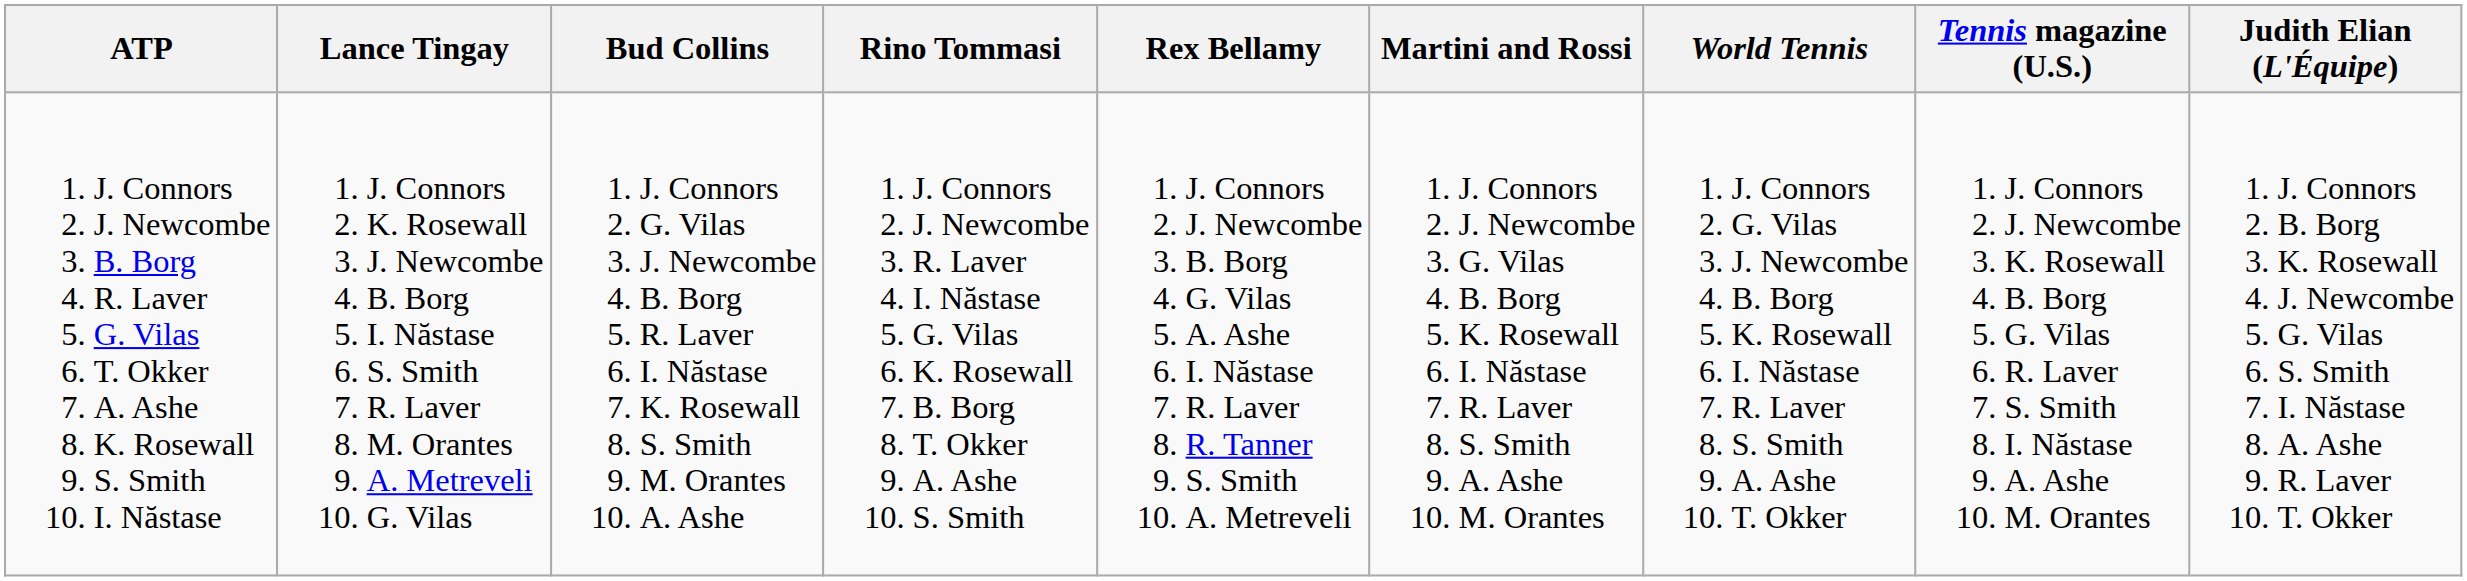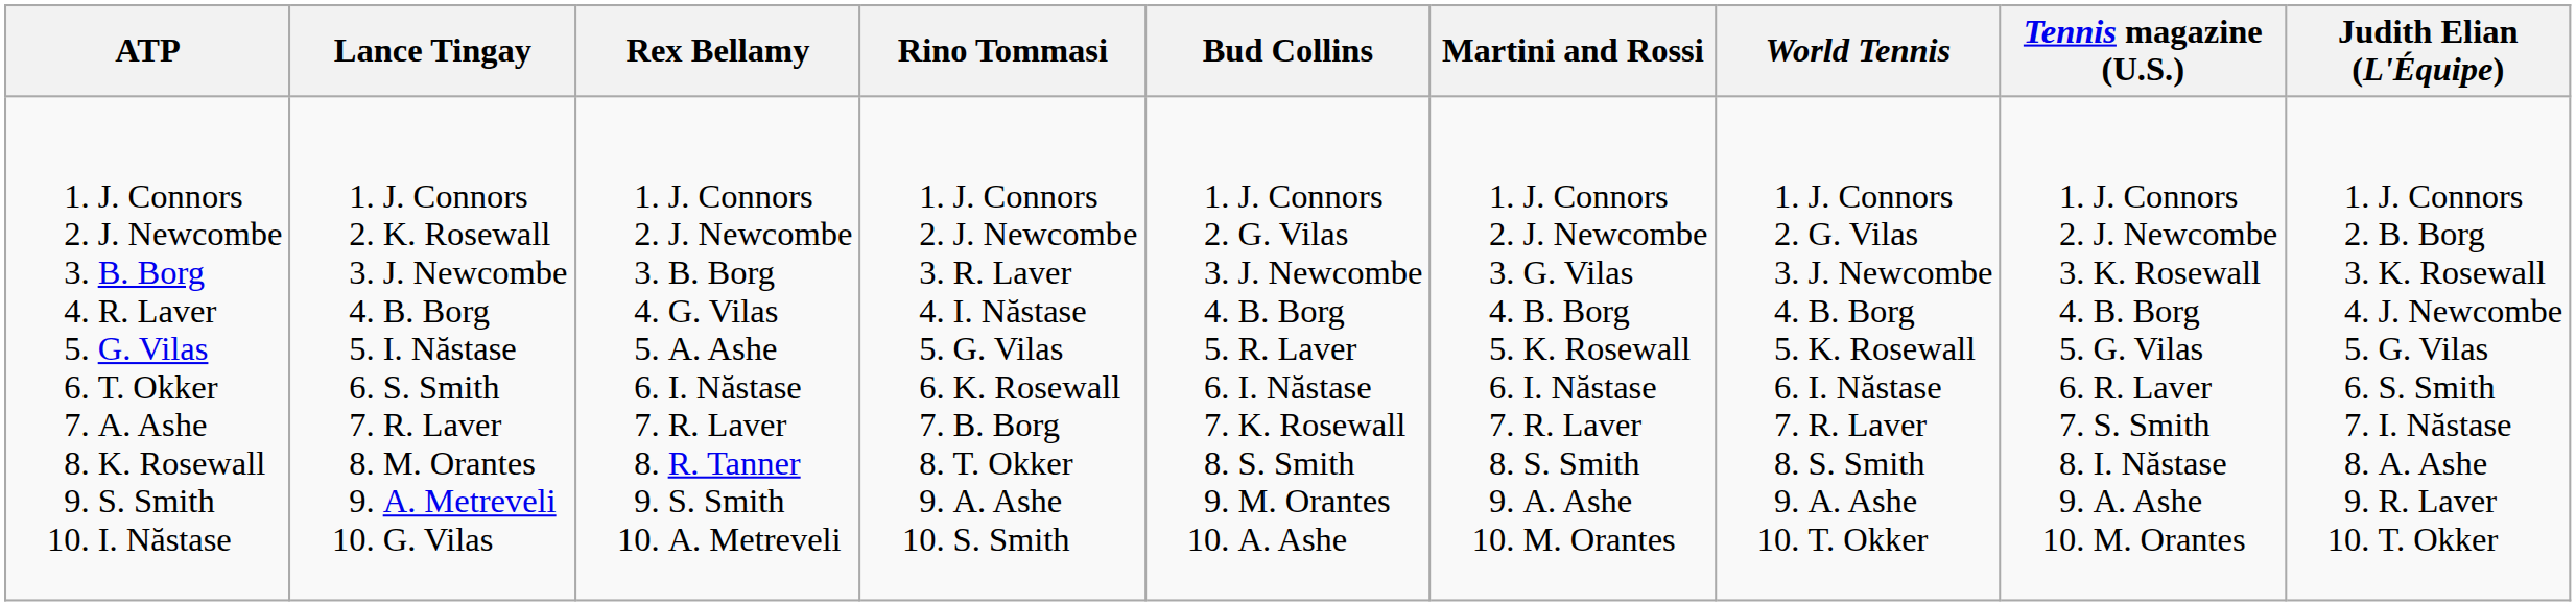 <table class="wikitable">
 <tr>
 <th>ATP</th>
 <th>Lance Tingay</th>
+<th>Rex Bellamy</th>
+<th>Rino Tommasi</th>
 <th>Bud Collins</th>
-<th>Rino Tommasi</th>
-<th>Rex Bellamy</th>
 <th>Martini and Rossi</th>
 <th><em>World Tennis</em></th>
 <th><em><a href='#'>Tennis</a></em> magazine<br>(U.S.)</th>
 <th>Judith Elian<em></em><br>(<em>L'Équipe</em>)</th>
 </tr>
 <tr style="vertical-align: top;">
 <td style="white-space: nowrap;"><br><ol><li> J. Connors</li><li> J. Newcombe</li><li> <a href='#'>B. Borg</a></li><li> R. Laver</li><li> <a href='#'>G. Vilas</a></li><li> T. Okker</li><li> A. Ashe</li><li> K. Rosewall</li><li> S. Smith</li><li> I. Năstase</li></ol></td>
 <td style="white-space: nowrap;"><br><ol><li> J. Connors</li><li> K. Rosewall</li><li> J. Newcombe</li><li> B. Borg</li><li> I. Năstase</li><li> S. Smith</li><li> R. Laver</li><li> M. Orantes</li><li> <a href='#'>A. Metreveli</a></li><li> G. Vilas</li></ol></td>
+<td style="white-space: nowrap;"><br><ol><li> J. Connors</li><li> J. Newcombe</li><li> B. Borg</li><li> G. Vilas</li><li> A. Ashe</li><li> I. Năstase</li><li> R. Laver</li><li> <a href='#'>R. Tanner</a></li><li> S. Smith</li><li> A. Metreveli</li></ol></td>
+<td style="white-space: nowrap;"><br><ol><li> J. Connors</li><li> J. Newcombe</li><li> R. Laver</li><li> I. Năstase</li><li> G. Vilas</li><li> K. Rosewall</li><li> B. Borg</li><li> T. Okker</li><li> A. Ashe</li><li> S. Smith</li></ol></td>
 <td style="white-space: nowrap;"><br><ol><li> J. Connors</li><li> G. Vilas</li><li> J. Newcombe</li><li> B. Borg</li><li> R. Laver</li><li> I. Năstase</li><li> K. Rosewall</li><li> S. Smith</li><li> M. Orantes</li><li> A. Ashe</li></ol></td>
-<td style="white-space: nowrap;"><br><ol><li> J. Connors</li><li> J. Newcombe</li><li> R. Laver</li><li> I. Năstase</li><li> G. Vilas</li><li> K. Rosewall</li><li> B. Borg</li><li> T. Okker</li><li> A. Ashe</li><li> S. Smith</li></ol></td>
-<td style="white-space: nowrap;"><br><ol><li> J. Connors</li><li> J. Newcombe</li><li> B. Borg</li><li> G. Vilas</li><li> A. Ashe</li><li> I. Năstase</li><li> R. Laver</li><li> <a href='#'>R. Tanner</a></li><li> S. Smith</li><li> A. Metreveli</li></ol></td>
 <td style="white-space: nowrap;"><br><ol><li> J. Connors</li><li> J. Newcombe</li><li> G. Vilas</li><li> B. Borg</li><li> K. Rosewall</li><li> I. Năstase</li><li> R. Laver</li><li> S. Smith</li><li> A. Ashe</li><li> M. Orantes</li></ol></td>
 <td style="white-space: nowrap;"><br><ol><li> J. Connors</li><li> G. Vilas</li><li> J. Newcombe</li><li> B. Borg</li><li> K. Rosewall</li><li> I. Năstase</li><li> R. Laver</li><li> S. Smith</li><li> A. Ashe</li><li> T. Okker</li></ol></td>
 <td style="white-space: nowrap;"><br><ol><li> J. Connors</li><li> J. Newcombe</li><li> K. Rosewall</li><li> B. Borg</li><li> G. Vilas</li><li> R. Laver</li><li> S. Smith</li><li> I. Năstase</li><li> A. Ashe</li><li> M. Orantes</li></ol></td>
 <td style="white-space: nowrap;"><br><ol><li> J. Connors</li><li> B. Borg</li><li> K. Rosewall</li><li> J. Newcombe</li><li> G. Vilas</li><li> S. Smith</li><li> I. Năstase</li><li> A. Ashe</li><li> R. Laver</li><li> T. Okker</li></ol></td>
 </tr>
 </table>
